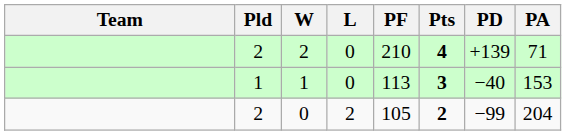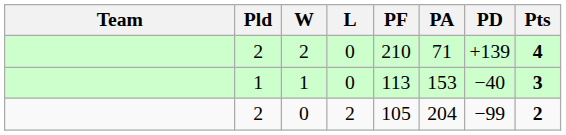 <table class=wikitable style="text-align:center">
 <tr>
 <th width=180>Team</th>
 <th width=30>Pld</th>
 <th width=30>W</th>
 <th width=30>L</th>
 <th width=30>PF</th>
+<th width=30>PA</th>
+<th width=30>PD</th>
 <th width=30>Pts</th>
-<th width=30>PD</th>
-<th width=30>PA</th>
 </tr>
 <tr align=center bgcolor="#ccffcc">
 <td align=left></td>
 <td>2</td>
 <td>2</td>
 <td>0</td>
 <td>210</td>
+<td>71</td>
+<td>+139</td>
 <td><strong>4</strong></td>
-<td>+139</td>
-<td>71</td>
 </tr>
 <tr align=center bgcolor="#ccffcc">
 <td align=left></td>
 <td>1</td>
 <td>1</td>
 <td>0</td>
 <td>113</td>
+<td>153</td>
+<td>−40</td>
 <td><strong>3</strong></td>
-<td>−40</td>
-<td>153</td>
 </tr>
 <tr align=center>
 <td align=left></td>
 <td>2</td>
 <td>0</td>
 <td>2</td>
 <td>105</td>
+<td>204</td>
+<td>−99</td>
 <td><strong>2</strong></td>
-<td>−99</td>
-<td>204</td>
 </tr>
 </table>
